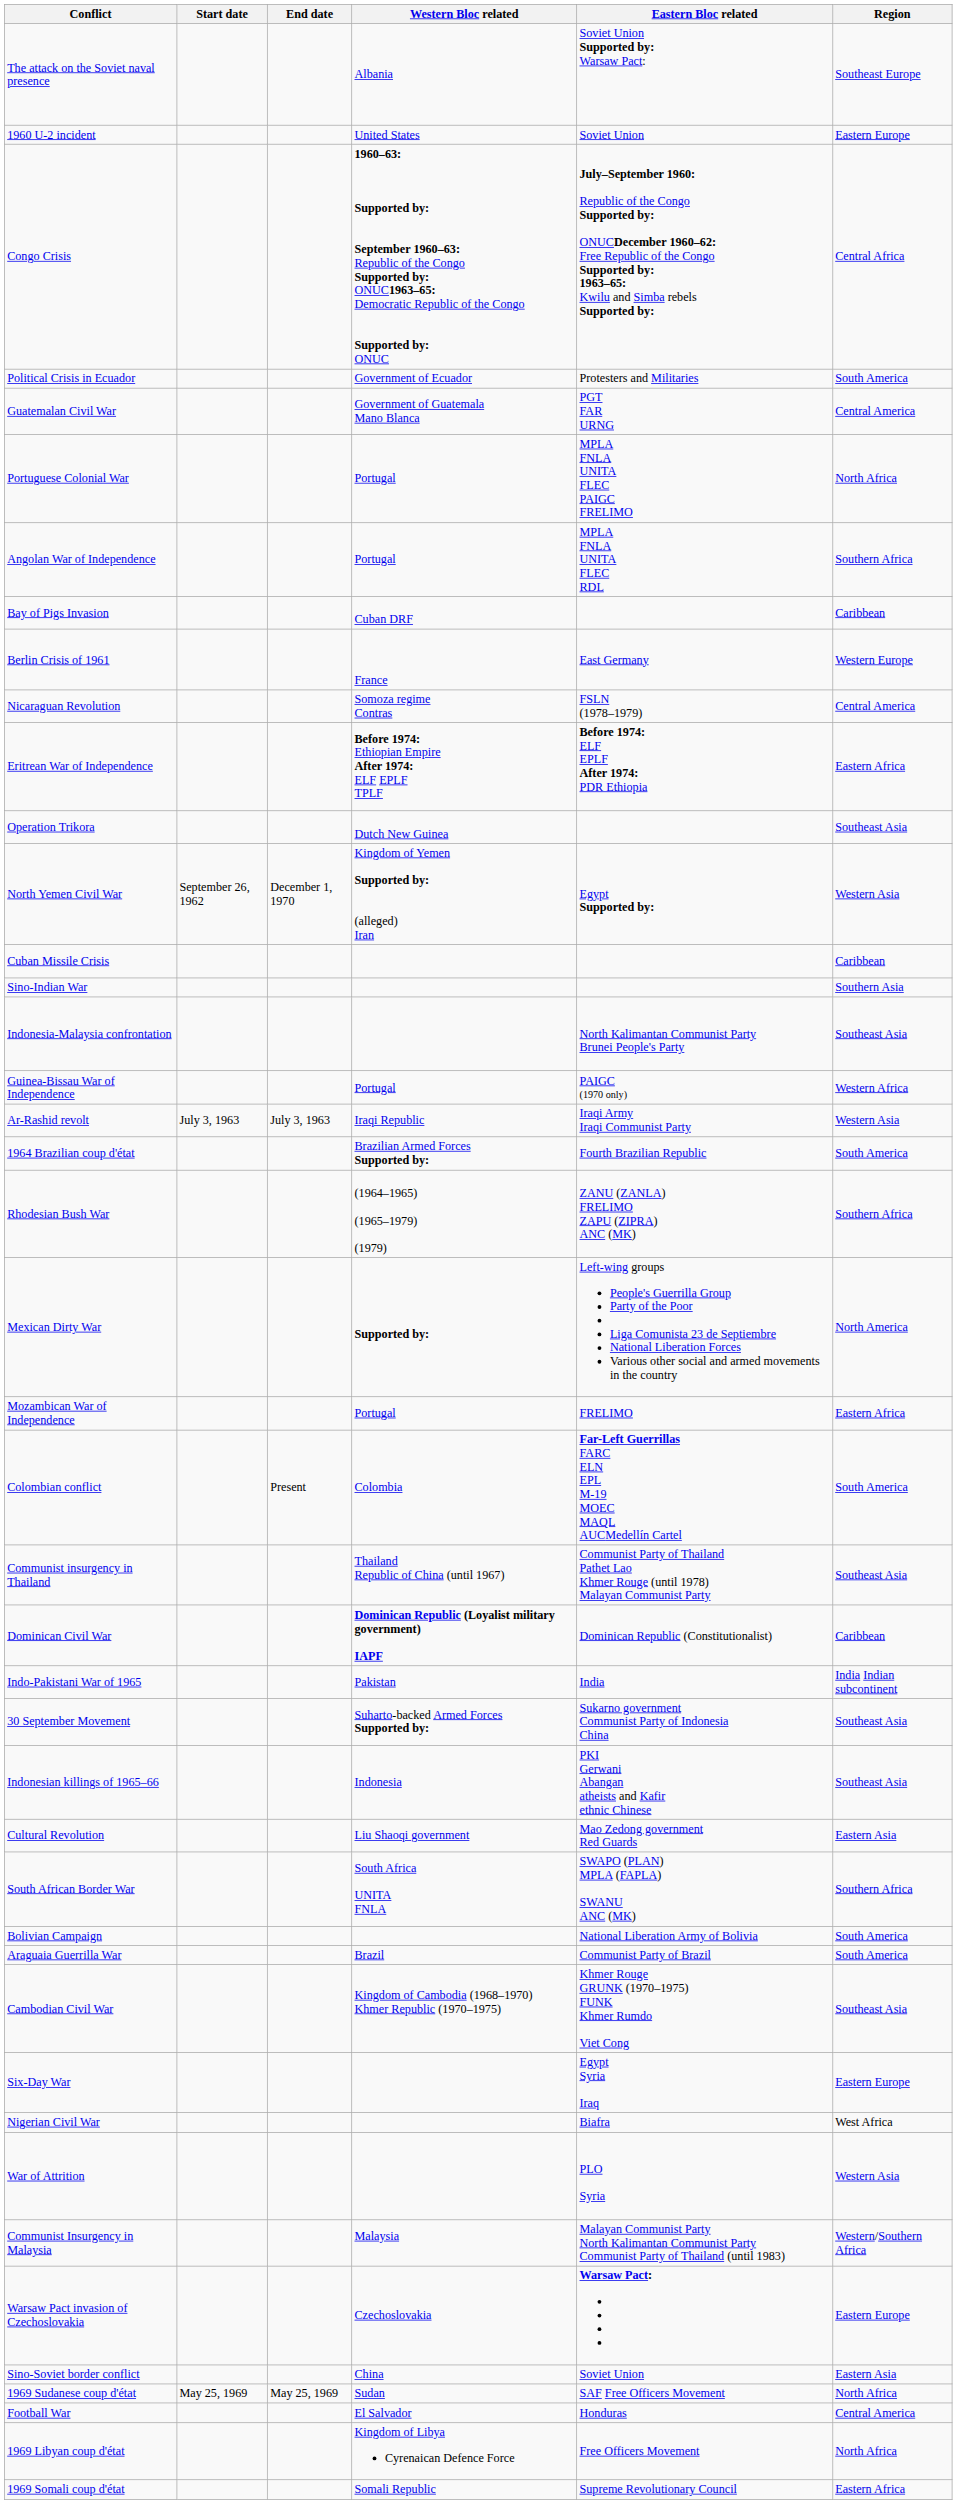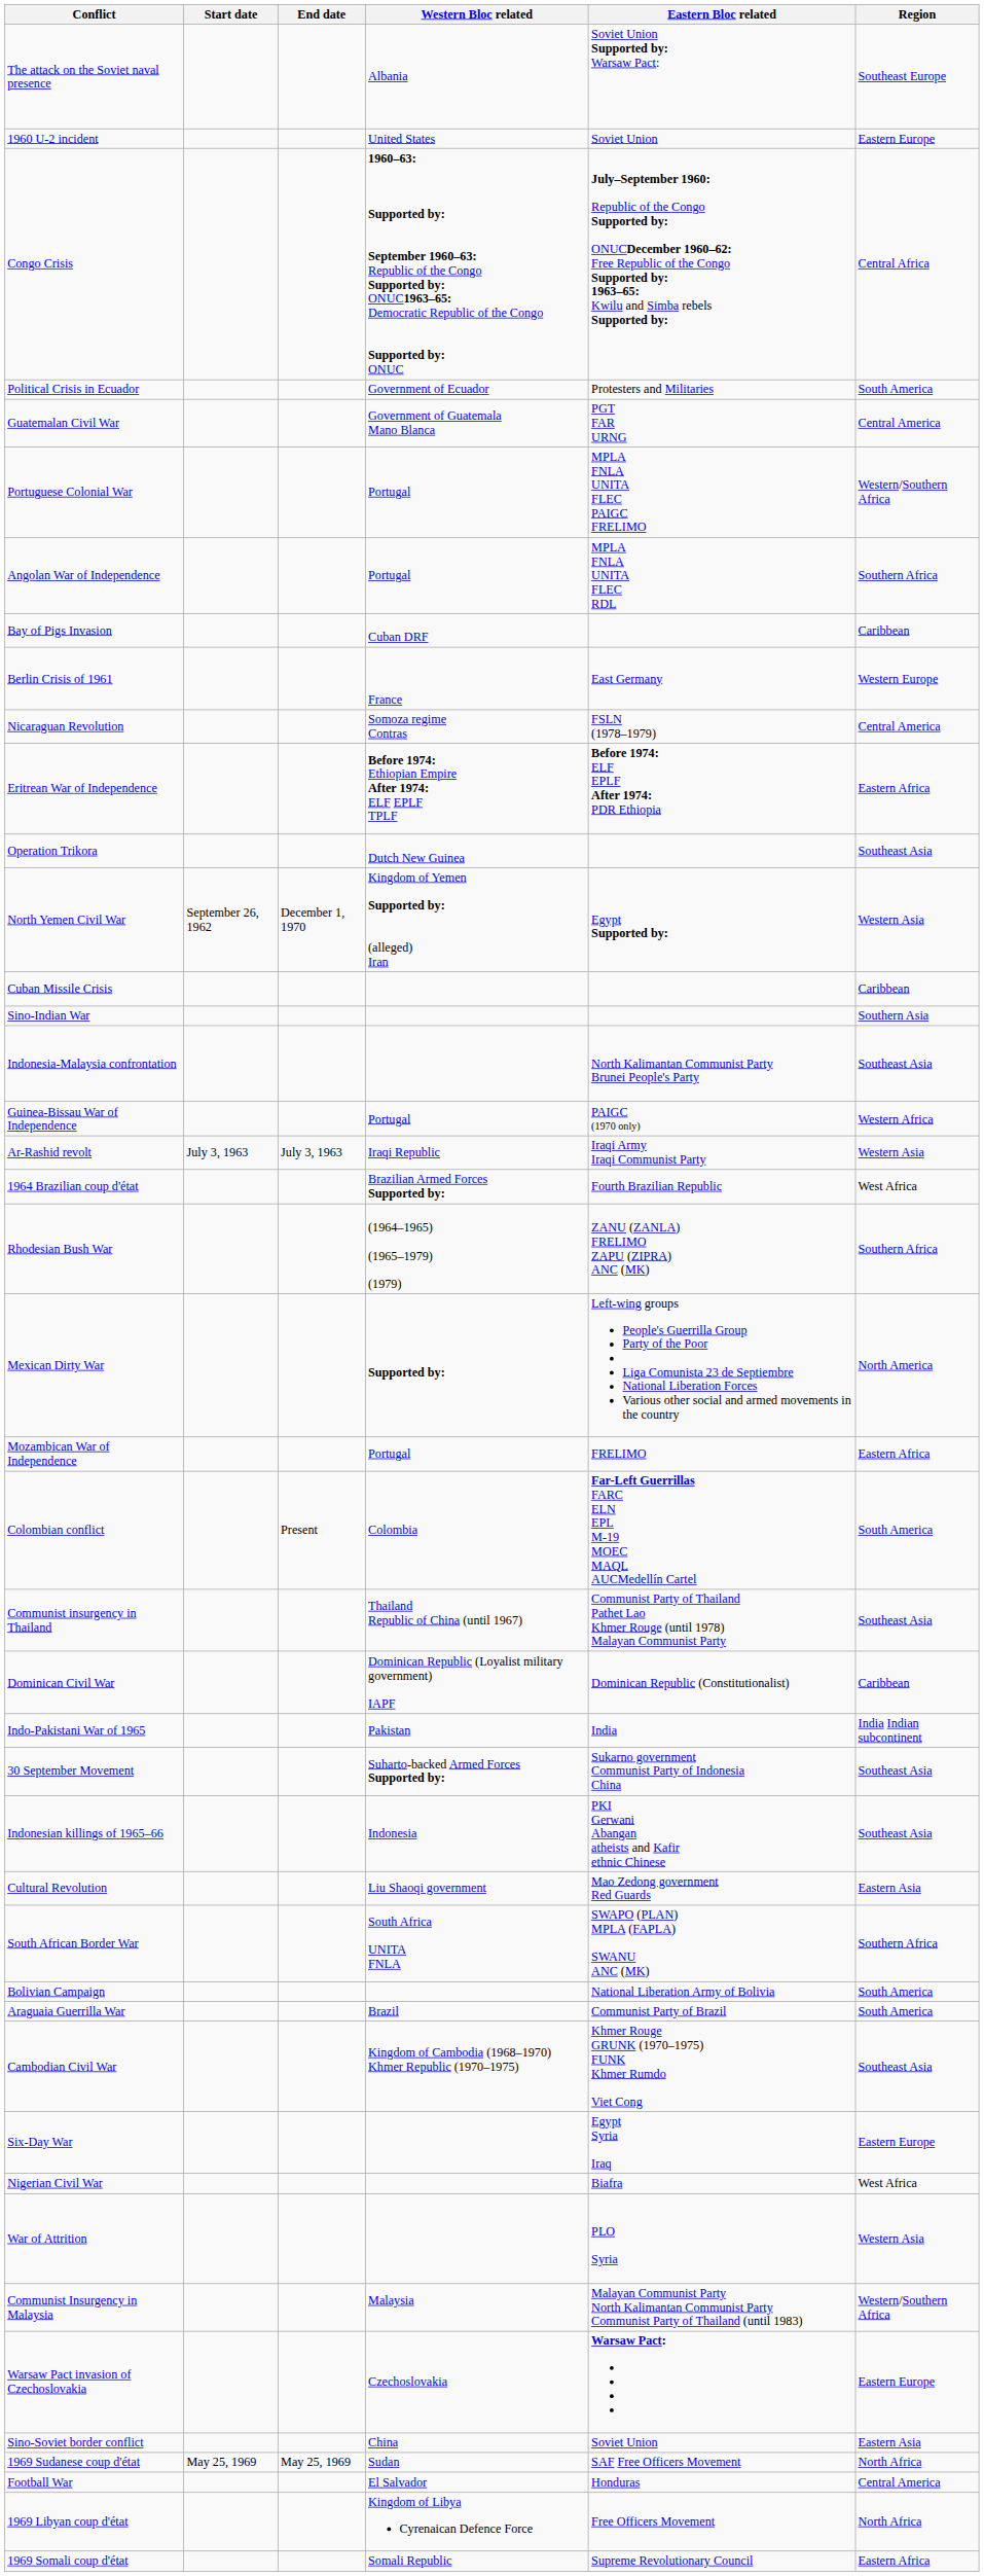 <table class="wikitable sortable">
 <tr>
 <th>Conflict</th>
 <th>Start date</th>
 <th>End date</th>
 <th><a href='#'>Western Bloc</a> related</th>
 <th><a href='#'>Eastern Bloc</a> related</th>
 <th>Region</th>
 </tr>
 <tr>
 <td><a href='#'>The attack on the Soviet naval presence</a></td>
 <td></td>
 <td></td>
 <td> <a href='#'>Albania</a></td>
 <td> <a href='#'>Soviet Union</a><br><strong>Supported by:</strong><br> <a href='#'>Warsaw Pact</a>:<br><br><br><br><br></td>
 <td><a href='#'>Southeast Europe</a></td>
 </tr>
 <tr>
 <td><a href='#'>1960 U-2 incident</a></td>
 <td></td>
 <td></td>
 <td> <a href='#'>United States</a></td>
 <td> <a href='#'>Soviet Union</a></td>
 <td><a href='#'>Eastern Europe</a></td>
 </tr>
 <tr>
 <td><a href='#'>Congo Crisis</a></td>
 <td></td>
 <td></td>
 <td><strong>1960–63:</strong><br><br><br><br> <strong>Supported by:</strong><br> <br><br><strong>September 1960–63:</strong><br>  <a href='#'>Republic of the Congo</a><br> <strong>Supported by:</strong><br>  <a href='#'>ONUC</a><strong>1963–65:</strong><br>  <a href='#'>Democratic Republic of the Congo</a><br><br><br> <strong>Supported by:</strong><br>  <a href='#'>ONUC</a></td>
 <td><strong>July–September 1960:</strong><br><br> <a href='#'>Republic of the Congo</a><br> <strong>Supported by:</strong><br> <br> <a href='#'>ONUC</a><strong>December 1960–62:</strong><br>  <a href='#'>Free Republic of the Congo</a><br> <strong>Supported by:</strong><br> <strong>1963–65:</strong><br>  <a href='#'>Kwilu</a> and <a href='#'>Simba</a> rebels<br> <strong>Supported by:</strong><br> <br><br></td>
 <td><a href='#'>Central Africa</a></td>
 </tr>
 <tr>
 <td><a href='#'>Political Crisis in Ecuador</a></td>
 <td></td>
 <td></td>
 <td> <a href='#'>Government of Ecuador</a></td>
 <td> Protesters and <a href='#'>Militaries</a></td>
 <td><a href='#'>South America</a></td>
 </tr>
 <tr>
 <td><a href='#'>Guatemalan Civil War</a></td>
 <td></td>
 <td></td>
 <td> <a href='#'>Government of Guatemala</a><br>  <a href='#'>Mano Blanca</a><br></td>
 <td> <a href='#'>PGT</a><br>  <a href='#'>FAR</a><br>  <a href='#'>URNG</a></td>
 <td><a href='#'>Central America</a></td>
 </tr>
 <tr>
 <td><a href='#'>Portuguese Colonial War</a></td>
 <td></td>
 <td></td>
 <td> <a href='#'>Portugal</a></td>
 <td> <a href='#'>MPLA</a><br> <a href='#'>FNLA</a><br> <a href='#'>UNITA</a><br> <a href='#'>FLEC</a><br> <a href='#'>PAIGC</a><br> <a href='#'>FRELIMO</a></td>
-<td><a href='#'>North Africa</a></td>
+<td><a href='#'>Western</a>/<a href='#'>Southern Africa</a></td>
 </tr>
 <tr>
 <td><a href='#'>Angolan War of Independence</a></td>
 <td></td>
 <td></td>
 <td> <a href='#'>Portugal</a><br> </td>
 <td> <a href='#'>MPLA</a> <br> <a href='#'>FNLA</a><br> <a href='#'>UNITA</a><br> <a href='#'>FLEC</a><br><a href='#'>RDL</a></td>
 <td><a href='#'>Southern Africa</a></td>
 </tr>
 <tr>
 <td><a href='#'>Bay of Pigs Invasion</a></td>
 <td></td>
 <td></td>
 <td><br> <a href='#'>Cuban DRF</a></td>
 <td></td>
 <td><a href='#'>Caribbean</a></td>
 </tr>
 <tr>
 <td><a href='#'>Berlin Crisis of 1961</a></td>
 <td></td>
 <td></td>
 <td><br><br><br> <a href='#'>France</a></td>
 <td> <a href='#'>East Germany</a><br></td>
 <td><a href='#'>Western Europe</a></td>
 </tr>
 <tr>
 <td><a href='#'>Nicaraguan Revolution</a></td>
 <td></td>
 <td></td>
 <td> <a href='#'>Somoza regime</a><br>  <a href='#'>Contras</a><br></td>
 <td> <a href='#'>FSLN</a><br>  (1978–1979)</td>
 <td><a href='#'>Central America</a></td>
 </tr>
 <tr>
 <td><a href='#'>Eritrean War of Independence</a></td>
 <td></td>
 <td></td>
 <td><strong>Before 1974:</strong><br> <a href='#'>Ethiopian Empire</a><br><strong>After 1974:</strong><br>  <a href='#'>ELF</a> <a href='#'>EPLF</a> <br>  <a href='#'>TPLF</a></td>
 <td><strong>Before 1974:</strong><br>  <a href='#'>ELF</a><br> <a href='#'>EPLF</a><br><strong>After 1974:</strong><br>  <a href='#'>PDR Ethiopia</a><br><br></td>
 <td><a href='#'>Eastern Africa</a></td>
 </tr>
 <tr>
 <td><a href='#'>Operation Trikora</a></td>
 <td></td>
 <td></td>
 <td><br> <a href='#'>Dutch New Guinea</a></td>
 <td><br></td>
 <td><a href='#'>Southeast Asia</a></td>
 </tr>
 <tr>
 <td><a href='#'>North Yemen Civil War</a></td>
 <td>September 26, 1962</td>
 <td>December 1, 1970</td>
 <td> <a href='#'>Kingdom of Yemen</a><br><br><strong>Supported by:</strong><br><br><br> (alleged)<br> <a href='#'>Iran</a><br></td>
 <td><br> <a href='#'>Egypt</a><br><strong>Supported by:</strong><br></td>
 <td><a href='#'>Western Asia</a></td>
 </tr>
 <tr>
 <td><a href='#'>Cuban Missile Crisis</a></td>
 <td></td>
 <td></td>
 <td><br><br></td>
 <td><br></td>
 <td><a href='#'>Caribbean</a></td>
 </tr>
 <tr>
 <td><a href='#'>Sino-Indian War</a></td>
 <td></td>
 <td></td>
 <td></td>
 <td></td>
 <td><a href='#'>Southern Asia</a></td>
 </tr>
 <tr>
 <td><a href='#'>Indonesia-Malaysia confrontation</a></td>
 <td></td>
 <td></td>
 <td><br><br><br><br> <br></td>
 <td> <br> <a href='#'>North Kalimantan Communist Party</a><br>  <a href='#'>Brunei People's Party</a></td>
 <td><a href='#'>Southeast Asia</a></td>
 </tr>
 <tr>
 <td><a href='#'>Guinea-Bissau War of Independence</a></td>
 <td></td>
 <td></td>
 <td> <a href='#'>Portugal</a></td>
 <td> <a href='#'>PAIGC</a> <br> <small>(1970 only)</small> <br></td>
 <td><a href='#'>Western Africa</a></td>
 </tr>
 <tr>
 <td><a href='#'>Ar-Rashid revolt</a></td>
 <td>July 3, 1963</td>
 <td>July 3, 1963</td>
 <td> <a href='#'>Iraqi Republic</a></td>
 <td> <a href='#'>Iraqi Army</a><br> <a href='#'>Iraqi Communist Party</a></td>
 <td><a href='#'>Western Asia</a></td>
 </tr>
 <tr>
 <td><a href='#'>1964 Brazilian coup d'état</a></td>
 <td></td>
 <td></td>
 <td> <a href='#'>Brazilian Armed Forces</a><br><strong>Supported by:</strong><br> </td>
 <td> <a href='#'>Fourth Brazilian Republic</a></td>
-<td><a href='#'>South America</a></td>
+<td>West Africa</td>
 </tr>
 <tr>
 <td><a href='#'>Rhodesian Bush War</a></td>
 <td></td>
 <td></td>
 <td><br>(1964–1965)<br><br>(1965–1979)<br><br>(1979)<br></td>
 <td> <a href='#'>ZANU</a> (<a href='#'>ZANLA</a>)<br> <a href='#'>FRELIMO</a><br> <a href='#'>ZAPU</a> (<a href='#'>ZIPRA</a>)<br> <a href='#'>ANC</a> (<a href='#'>MK</a>)</td>
 <td><a href='#'>Southern Africa</a></td>
 </tr>
 <tr>
 <td><a href='#'>Mexican Dirty War</a></td>
 <td></td>
 <td></td>
 <td><br><strong>Supported by:</strong><br> </td>
 <td><a href='#'>Left-wing</a> groups<br><ul><li><a href='#'>People's Guerrilla Group</a></li><li> <a href='#'>Party of the Poor</a></li><li> </li><li><a href='#'>Liga Comunista 23 de Septiembre</a></li><li><a href='#'>National Liberation Forces</a></li><li>Various other social and armed movements in the country</li></ul></td>
 <td><a href='#'>North America</a></td>
 </tr>
 <tr>
 <td><a href='#'>Mozambican War of Independence</a></td>
 <td></td>
 <td></td>
 <td> <a href='#'>Portugal</a></td>
 <td> <a href='#'>FRELIMO</a></td>
 <td><a href='#'>Eastern Africa</a></td>
 </tr>
 <tr>
 <td><a href='#'>Colombian conflict</a></td>
 <td></td>
 <td>Present</td>
 <td> <a href='#'>Colombia</a></td>
 <td><strong><a href='#'>Far-Left Guerrillas</a></strong><br> <a href='#'>FARC</a><br> <a href='#'>ELN</a><br> <a href='#'>EPL</a><br> <a href='#'>M-19</a><br>  <a href='#'>MOEC</a><br>  <a href='#'>MAQL</a><br> <a href='#'>AUC</a><a href='#'>Medellín Cartel</a></td>
 <td><a href='#'>South America</a></td>
 </tr>
 <tr>
 <td><a href='#'>Communist insurgency in Thailand</a></td>
 <td></td>
 <td></td>
 <td> <a href='#'>Thailand</a><br> <a href='#'>Republic of China</a> (until 1967)<br><br></td>
 <td> <a href='#'>Communist Party of Thailand</a><br>  <a href='#'>Pathet Lao</a><br> <a href='#'>Khmer Rouge</a> (until 1978)<br> <a href='#'>Malayan Communist Party</a></td>
 <td><a href='#'>Southeast Asia</a></td>
 </tr>
 <tr>
 <td><a href='#'>Dominican Civil War</a></td>
 <td></td>
 <td></td>
-<td><strong> <a href='#'>Dominican Republic</a> (Loyalist military government)<br> <br> <a href='#'>IAPF</a></strong></td>
+<td> <a href='#'>Dominican Republic</a> (Loyalist military government)<br> <br> <a href='#'>IAPF</a></td>
 <td> <a href='#'>Dominican Republic</a> (Constitutionalist)</td>
 <td><a href='#'>Caribbean</a></td>
 </tr>
 <tr>
 <td><a href='#'>Indo-Pakistani War of 1965</a></td>
 <td></td>
 <td></td>
 <td> <a href='#'>Pakistan</a></td>
 <td> <a href='#'>India</a></td>
 <td><a href='#'>India</a> <a href='#'>Indian subcontinent</a></td>
 </tr>
 <tr>
 <td><a href='#'>30 September Movement</a></td>
 <td></td>
 <td></td>
 <td> <a href='#'>Suharto</a>-backed <a href='#'>Armed Forces</a><br><strong>Supported by:</strong><br> </td>
 <td> <a href='#'>Sukarno government</a><br> <a href='#'>Communist Party of Indonesia</a><br> <a href='#'>China</a></td>
 <td><a href='#'>Southeast Asia</a></td>
 </tr>
 <tr>
 <td><a href='#'>Indonesian killings of 1965–66</a></td>
 <td></td>
 <td></td>
 <td> <a href='#'>Indonesia</a></td>
 <td> <a href='#'>PKI</a><br><a href='#'>Gerwani</a><br><a href='#'>Abangan</a><br><a href='#'>atheists</a> and <a href='#'>Kafir</a><br><a href='#'>ethnic Chinese</a></td>
 <td><a href='#'>Southeast Asia</a></td>
 </tr>
 <tr>
 <td><a href='#'>Cultural Revolution</a></td>
 <td></td>
 <td></td>
 <td> <a href='#'>Liu Shaoqi government</a></td>
 <td> <a href='#'>Mao Zedong government</a><br><a href='#'>Red Guards</a></td>
 <td><a href='#'>Eastern Asia</a></td>
 </tr>
 <tr>
 <td><a href='#'>South African Border War</a></td>
 <td></td>
 <td></td>
 <td> <a href='#'>South Africa</a><br> <br> <a href='#'>UNITA</a> <br> <a href='#'>FNLA</a></td>
 <td> <a href='#'>SWAPO</a> (<a href='#'>PLAN</a>)<br> <a href='#'>MPLA</a> (<a href='#'>FAPLA</a>)<br><br> <a href='#'>SWANU</a><br> <a href='#'>ANC</a> (<a href='#'>MK</a>)<br></td>
 <td><a href='#'>Southern Africa</a></td>
 </tr>
 <tr>
 <td><a href='#'>Bolivian Campaign</a></td>
 <td></td>
 <td></td>
 <td><br></td>
 <td> <a href='#'>National Liberation Army of Bolivia</a></td>
 <td><a href='#'>South America</a></td>
 </tr>
 <tr>
 <td><a href='#'>Araguaia Guerrilla War</a></td>
 <td></td>
 <td></td>
 <td> <a href='#'>Brazil</a></td>
 <td> <a href='#'>Communist Party of Brazil</a></td>
 <td><a href='#'>South America</a></td>
 </tr>
 <tr>
 <td><a href='#'>Cambodian Civil War</a></td>
 <td></td>
 <td></td>
 <td> <a href='#'>Kingdom of Cambodia</a> (1968–1970)<br> <a href='#'>Khmer Republic</a> (1970–1975)<br><br></td>
 <td> <a href='#'>Khmer Rouge</a><br> <a href='#'>GRUNK</a> (1970–1975)<br> <a href='#'>FUNK</a><br> <a href='#'>Khmer Rumdo</a><br><br> <a href='#'>Viet Cong</a></td>
 <td><a href='#'>Southeast Asia</a></td>
 </tr>
 <tr>
 <td><a href='#'>Six-Day War</a></td>
 <td></td>
 <td></td>
 <td></td>
 <td> <a href='#'>Egypt</a><br> <a href='#'>Syria</a><br><br>  <a href='#'>Iraq</a> <br></td>
 <td><a href='#'>Eastern Europe</a></td>
 </tr>
 <tr>
 <td><a href='#'>Nigerian Civil War</a></td>
 <td></td>
 <td></td>
 <td></td>
 <td> <a href='#'>Biafra</a></td>
 <td>West Africa</td>
 </tr>
 <tr>
 <td><a href='#'>War of Attrition</a></td>
 <td></td>
 <td></td>
 <td></td>
 <td><br><br> <a href='#'>PLO</a><br><br> <a href='#'>Syria</a><br><br></td>
 <td><a href='#'>Western Asia</a></td>
 </tr>
 <tr>
 <td><a href='#'>Communist Insurgency in Malaysia</a></td>
 <td></td>
 <td></td>
 <td> <a href='#'>Malaysia</a><br><br></td>
 <td> <a href='#'>Malayan Communist Party</a><br> <a href='#'>North Kalimantan Communist Party</a><br> <a href='#'>Communist Party of Thailand</a> (until 1983)</td>
 <td><a href='#'>Western</a>/<a href='#'>Southern Africa</a></td>
 </tr>
 <tr>
 <td><a href='#'>Warsaw Pact invasion of Czechoslovakia</a></td>
 <td></td>
 <td></td>
 <td> <a href='#'>Czechoslovakia</a></td>
 <td> <strong><a href='#'>Warsaw Pact</a>:</strong><br><ul><li></li><li></li><li></li><li></li></ul></td>
 <td><a href='#'>Eastern Europe</a></td>
 </tr>
 <tr>
 <td><a href='#'>Sino-Soviet border conflict</a></td>
 <td></td>
 <td></td>
 <td> <a href='#'>China</a></td>
 <td> <a href='#'>Soviet Union</a></td>
 <td><a href='#'>Eastern Asia</a></td>
 </tr>
 <tr>
 <td><a href='#'>1969 Sudanese coup d'état</a></td>
 <td>May 25, 1969</td>
 <td>May 25, 1969</td>
 <td> <a href='#'>Sudan</a></td>
 <td> <a href='#'>SAF</a> <a href='#'>Free Officers Movement</a></td>
 <td><a href='#'>North Africa</a></td>
 </tr>
 <tr>
 <td><a href='#'>Football War</a></td>
 <td></td>
 <td></td>
 <td> <a href='#'>El Salvador</a></td>
 <td> <a href='#'>Honduras</a></td>
 <td><a href='#'>Central America</a></td>
 </tr>
 <tr>
 <td><a href='#'>1969 Libyan coup d'état</a></td>
 <td></td>
 <td></td>
 <td> <a href='#'>Kingdom of Libya</a><br><ul><li> Cyrenaican Defence Force</li></ul></td>
 <td> <a href='#'>Free Officers Movement</a></td>
 <td><a href='#'>North Africa</a></td>
 </tr>
 <tr>
 <td><a href='#'>1969 Somali coup d'état</a></td>
 <td></td>
 <td></td>
 <td> <a href='#'>Somali Republic</a></td>
 <td> <a href='#'>Supreme Revolutionary Council</a></td>
 <td><a href='#'>Eastern Africa</a></td>
 </tr>
 </table>
